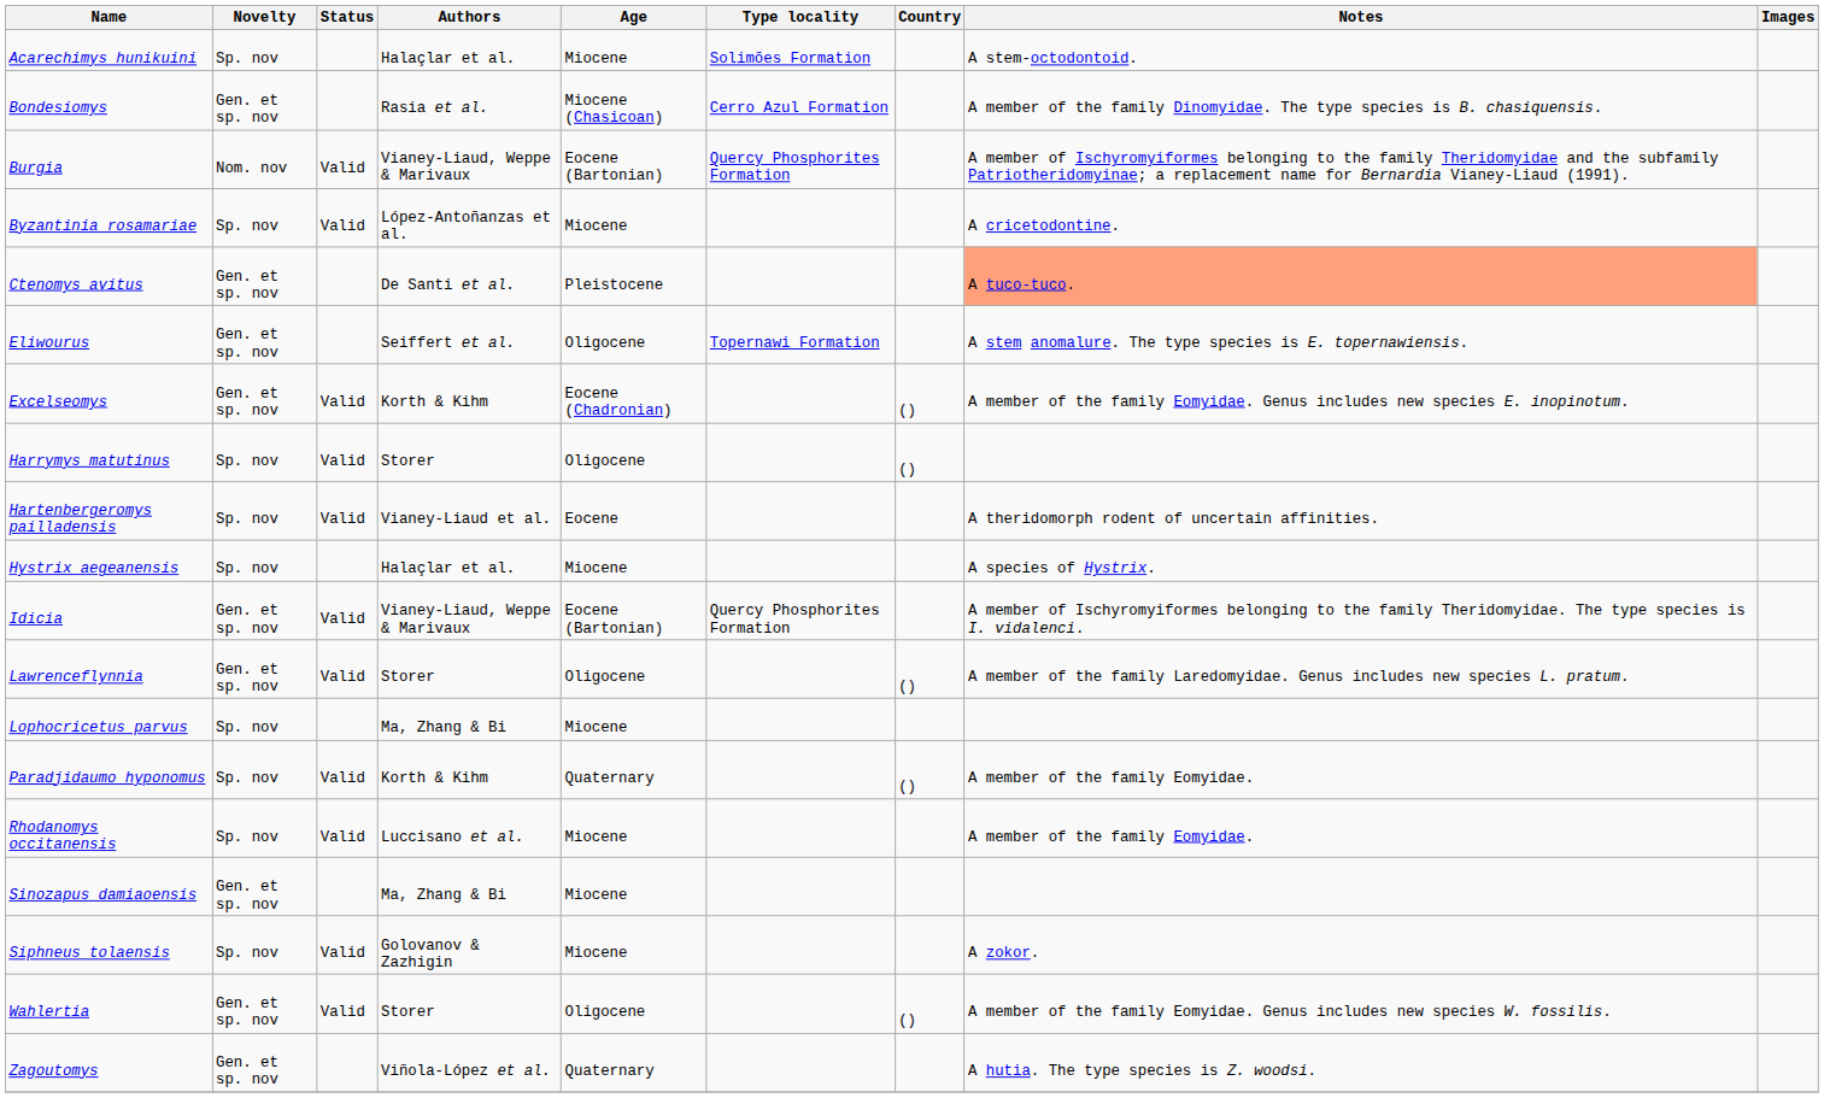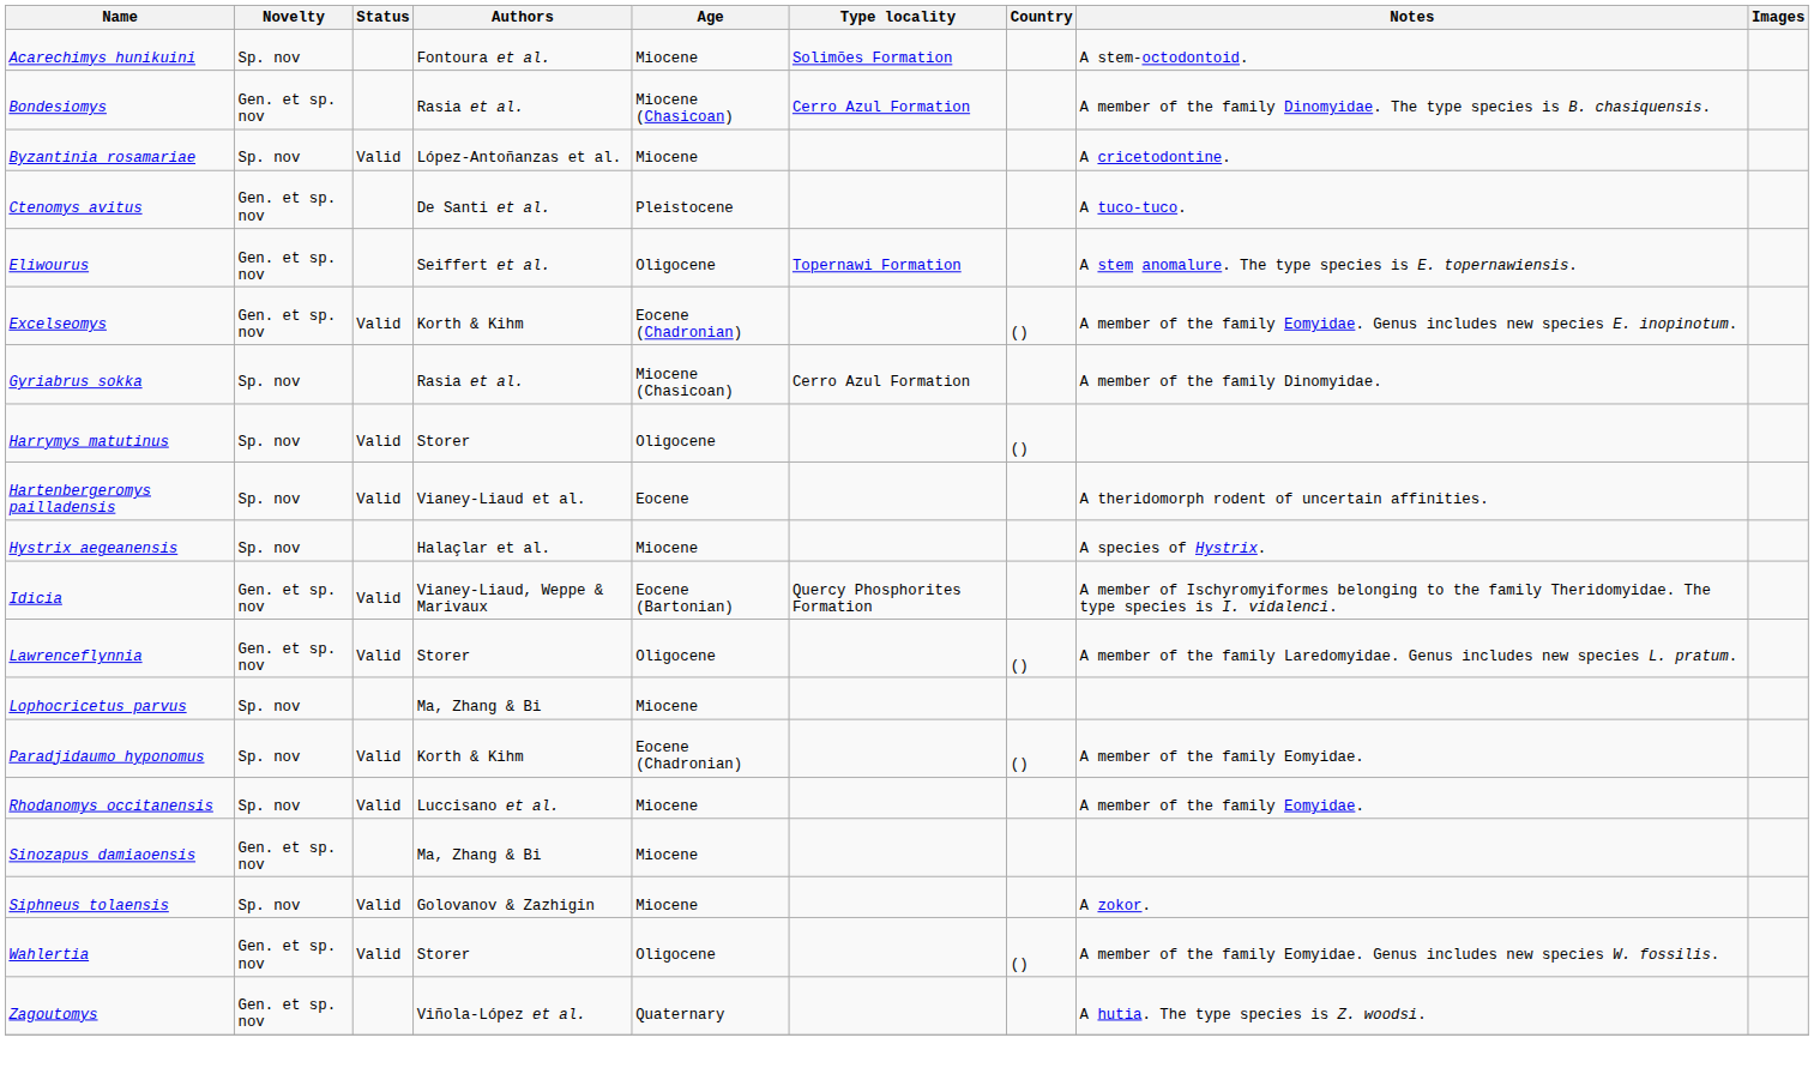 <table class="wikitable sortable" align="center" width="100%">
 <tr>
 <th>Name</th>
 <th>Novelty</th>
 <th>Status</th>
 <th>Authors</th>
 <th>Age</th>
 <th>Type locality</th>
 <th>Country</th>
 <th>Notes</th>
 <th>Images</th>
 </tr>
 <tr>
 <td><br><em><a href='#'>Acarechimys hunikuini</a></em></td>
 <td><br>Sp. nov</td>
 <td></td>
-<td><br>Halaçlar et al.</td>
+<td><br>Fontoura <em>et al.</em></td>
 <td><br>Miocene</td>
 <td><br><a href='#'>Solimões Formation</a></td>
 <td><br></td>
 <td><br>A stem-<a href='#'>octodontoid</a>.</td>
 <td></td>
 </tr>
 <tr>
 <td><br><em><a href='#'>Bondesiomys</a></em></td>
 <td><br>Gen. et sp. nov</td>
 <td></td>
 <td><br>Rasia <em>et al.</em></td>
 <td><br>Miocene (<a href='#'>Chasicoan</a>)</td>
 <td><br><a href='#'>Cerro Azul Formation</a></td>
 <td><br></td>
 <td><br>A member of the family <a href='#'>Dinomyidae</a>. The type species is <em>B. chasiquensis</em>.</td>
-<td></td>
-</tr>
-<tr>
-<td><br><em><a href='#'>Burgia</a></em></td>
-<td><br>Nom. nov</td>
-<td><br>Valid</td>
-<td><br>Vianey-Liaud, Weppe & Marivaux</td>
-<td><br>Eocene (Bartonian)</td>
-<td><br><a href='#'>Quercy Phosphorites Formation</a></td>
-<td><br></td>
-<td><br>A member of <a href='#'>Ischyromyiformes</a> belonging to the family <a href='#'>Theridomyidae</a> and the subfamily <a href='#'>Patriotheridomyinae</a>; a replacement name for <em>Bernardia</em> Vianey-Liaud (1991).</td>
 <td></td>
 </tr>
 <tr>
 <td><br><em><a href='#'>Byzantinia rosamariae</a></em></td>
 <td><br>Sp. nov</td>
 <td><br>Valid</td>
 <td><br>López-Antoñanzas et al.</td>
 <td><br>Miocene</td>
 <td></td>
 <td><br></td>
 <td><br>A <a href='#'>cricetodontine</a>.</td>
 <td></td>
 </tr>
 <tr>
 <td><br><em><a href='#'>Ctenomys avitus</a></em></td>
 <td><br>Gen. et sp. nov</td>
 <td></td>
 <td><br>De Santi <em>et al.</em></td>
 <td><br>Pleistocene</td>
 <td></td>
 <td><br></td>
-<td style="background: lightsalmon;"><br>A <a href='#'>tuco-tuco</a>.</td>
+<td><br>A <a href='#'>tuco-tuco</a>.</td>
 <td></td>
 </tr>
 <tr>
 <td><br><em><a href='#'>Eliwourus</a></em></td>
 <td><br>Gen. et sp. nov</td>
 <td></td>
 <td><br>Seiffert <em>et al.</em></td>
 <td><br>Oligocene</td>
 <td><br><a href='#'>Topernawi Formation</a></td>
 <td><br></td>
 <td><br>A <a href='#'>stem</a> <a href='#'>anomalure</a>. The type species is <em>E. topernawiensis</em>.</td>
 <td></td>
 </tr>
 <tr>
 <td><br><em><a href='#'>Excelseomys</a></em></td>
 <td><br>Gen. et sp. nov</td>
 <td><br>Valid</td>
 <td><br>Korth & Kihm</td>
 <td><br>Eocene (<a href='#'>Chadronian</a>)</td>
 <td></td>
 <td><br><br>()</td>
 <td><br>A member of the family <a href='#'>Eomyidae</a>. Genus includes new species <em>E. inopinotum</em>.</td>
+<td></td>
+</tr>
+<tr>
+<td><br><em><a href='#'>Gyriabrus sokka</a></em></td>
+<td><br>Sp. nov</td>
+<td></td>
+<td><br>Rasia <em>et al.</em></td>
+<td><br>Miocene (Chasicoan)</td>
+<td><br>Cerro Azul Formation</td>
+<td><br></td>
+<td><br>A member of the family Dinomyidae.</td>
 <td></td>
 </tr>
 <tr>
 <td><br><em><a href='#'>Harrymys matutinus</a></em></td>
 <td><br>Sp. nov</td>
 <td><br>Valid</td>
 <td><br>Storer</td>
 <td><br>Oligocene</td>
 <td></td>
 <td><br><br>()</td>
 <td></td>
 <td></td>
 </tr>
 <tr>
 <td><br><em><a href='#'>Hartenbergeromys pailladensis</a></em></td>
 <td><br>Sp. nov</td>
 <td><br>Valid</td>
 <td><br>Vianey-Liaud et al.</td>
 <td><br>Eocene</td>
 <td></td>
 <td><br></td>
 <td><br>A theridomorph rodent of uncertain affinities.</td>
 <td></td>
 </tr>
 <tr>
 <td><br><em><a href='#'>Hystrix aegeanensis</a></em></td>
 <td><br>Sp. nov</td>
 <td></td>
 <td><br>Halaçlar et al.</td>
 <td><br>Miocene</td>
 <td></td>
 <td><br><br> </td>
 <td><br>A species of <em><a href='#'>Hystrix</a></em>.</td>
 <td></td>
 </tr>
 <tr>
 <td><br><em><a href='#'>Idicia</a></em></td>
 <td><br>Gen. et sp. nov</td>
 <td><br>Valid</td>
 <td><br>Vianey-Liaud, Weppe & Marivaux</td>
 <td><br>Eocene (Bartonian)</td>
 <td><br>Quercy Phosphorites Formation</td>
 <td><br></td>
 <td><br>A member of Ischyromyiformes belonging to the family Theridomyidae. The type species is <em>I. vidalenci</em>.</td>
 <td></td>
 </tr>
 <tr>
 <td><br><em><a href='#'>Lawrenceflynnia</a></em></td>
 <td><br>Gen. et sp. nov</td>
 <td><br>Valid</td>
 <td><br>Storer</td>
 <td><br>Oligocene</td>
 <td></td>
 <td><br><br>()</td>
 <td><br>A member of the family Laredomyidae. Genus includes new species <em>L. pratum</em>.</td>
 <td></td>
 </tr>
 <tr>
 <td><br><em><a href='#'>Lophocricetus parvus</a></em></td>
 <td><br>Sp. nov</td>
 <td></td>
 <td><br>Ma, Zhang & Bi</td>
 <td><br>Miocene</td>
 <td></td>
 <td><br></td>
 <td></td>
 <td></td>
 </tr>
 <tr>
 <td><br><em><a href='#'>Paradjidaumo hyponomus</a></em></td>
 <td><br>Sp. nov</td>
 <td><br>Valid</td>
 <td><br>Korth & Kihm</td>
-<td><br>Quaternary</td>
+<td><br>Eocene (Chadronian)</td>
 <td></td>
 <td><br><br>()</td>
 <td><br>A member of the family Eomyidae.</td>
 <td></td>
 </tr>
 <tr>
 <td><br><em><a href='#'>Rhodanomys occitanensis</a></em></td>
 <td><br>Sp. nov</td>
 <td><br>Valid</td>
 <td><br>Luccisano <em>et al.</em></td>
 <td><br>Miocene</td>
 <td></td>
 <td><br></td>
 <td><br>A member of the family <a href='#'>Eomyidae</a>.</td>
 <td></td>
 </tr>
 <tr>
 <td><br><em><a href='#'>Sinozapus damiaoensis</a></em></td>
 <td><br>Gen. et sp. nov</td>
 <td></td>
 <td><br>Ma, Zhang & Bi</td>
 <td><br>Miocene</td>
 <td></td>
 <td><br></td>
 <td></td>
 <td></td>
 </tr>
 <tr>
 <td><br><em><a href='#'>Siphneus tolaensis</a></em></td>
 <td><br>Sp. nov</td>
 <td><br>Valid</td>
 <td><br>Golovanov & Zazhigin</td>
 <td><br>Miocene</td>
 <td></td>
 <td><br></td>
 <td><br>A <a href='#'>zokor</a>.</td>
 <td></td>
 </tr>
 <tr>
 <td><br><em><a href='#'>Wahlertia</a></em></td>
 <td><br>Gen. et sp. nov</td>
 <td><br>Valid</td>
 <td><br>Storer</td>
 <td><br>Oligocene</td>
 <td></td>
 <td><br><br>()</td>
 <td><br>A member of the family Eomyidae. Genus includes new species <em>W. fossilis</em>.</td>
 <td></td>
 </tr>
 <tr>
 <td><br><em><a href='#'>Zagoutomys</a></em></td>
 <td><br>Gen. et sp. nov</td>
 <td></td>
 <td><br>Viñola-López <em>et al.</em></td>
 <td><br>Quaternary</td>
 <td></td>
 <td><br></td>
 <td><br>A <a href='#'>hutia</a>. The type species is <em>Z. woodsi</em>.</td>
 <td></td>
 </tr>
 <tr>
 </tr>
 </table>
